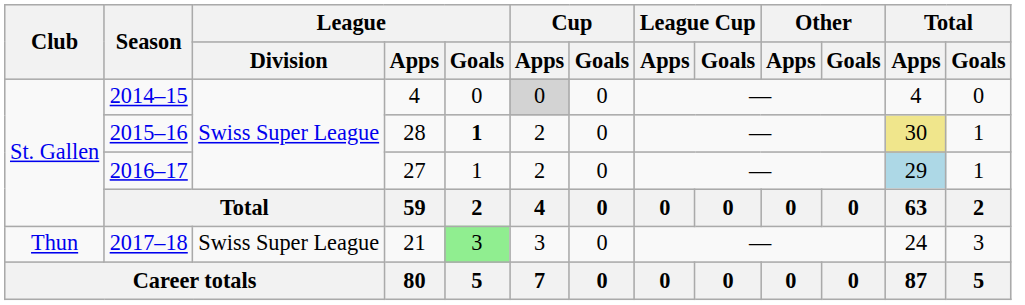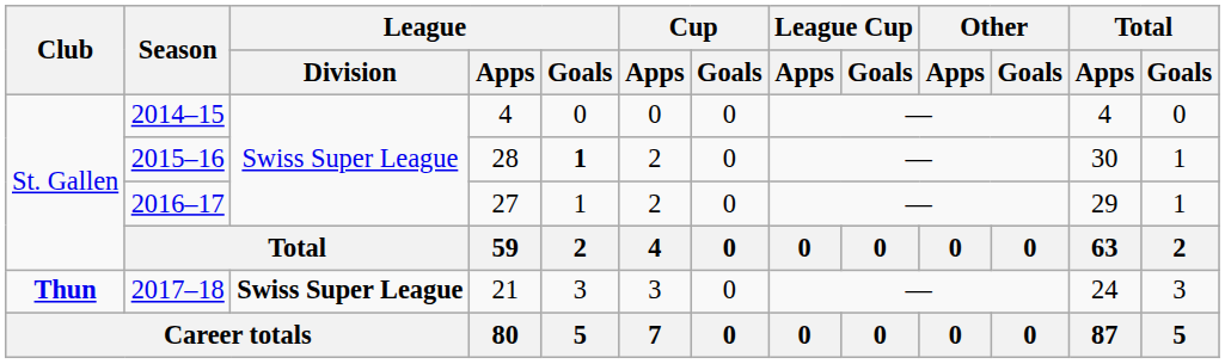 <table class="wikitable" style="font-size:90%; text-align: center">
 <tr>
 <th rowspan=2>Club</th>
 <th rowspan=2>Season</th>
 <th colspan=3>League</th>
 <th colspan=2>Cup</th>
 <th colspan=2>League Cup</th>
 <th colspan=2>Other</th>
 <th colspan=2>Total</th>
 </tr>
 <tr>
 <th>Division</th>
 <th>Apps</th>
 <th>Goals</th>
 <th>Apps</th>
 <th>Goals</th>
 <th>Apps</th>
 <th>Goals</th>
 <th>Apps</th>
 <th>Goals</th>
 <th>Apps</th>
 <th>Goals</th>
 </tr>
 <tr>
 <td rowspan=4><a href='#'>St. Gallen</a></td>
 <td><a href='#'>2014–15</a></td>
 <td rowspan=3><a href='#'>Swiss Super League</a></td>
 <td>4</td>
 <td>0</td>
-<td style="background: lightgrey;">0</td>
+<td>0</td>
 <td>0</td>
 <td colspan=4>—</td>
 <td>4</td>
 <td>0</td>
 </tr>
 <tr>
 <td><a href='#'>2015–16</a></td>
 <td>28</td>
 <td><strong>1</strong></td>
 <td>2</td>
 <td>0</td>
 <td colspan=4>—</td>
-<td style="background: khaki;">30</td>
+<td>30</td>
 <td>1</td>
 </tr>
 <tr>
 <td><a href='#'>2016–17</a></td>
 <td>27</td>
 <td>1</td>
 <td>2</td>
 <td>0</td>
 <td colspan=4>—</td>
-<td style="background: lightblue;">29</td>
+<td>29</td>
 <td>1</td>
 </tr>
 <tr>
 <th colspan=2>Total</th>
 <th>59</th>
 <th>2</th>
 <th>4</th>
 <th>0</th>
 <th>0</th>
 <th>0</th>
 <th>0</th>
 <th>0</th>
 <th>63</th>
 <th>2</th>
 </tr>
 <tr>
-<td><a href='#'>Thun</a></td>
+<td><strong><a href='#'>Thun</a></strong></td>
 <td><a href='#'>2017–18</a></td>
-<td>Swiss Super League</td>
+<td><strong>Swiss Super League</strong></td>
 <td>21</td>
-<td style="background: lightgreen;">3</td>
+<td>3</td>
 <td>3</td>
 <td>0</td>
 <td colspan=4>—</td>
 <td>24</td>
 <td>3</td>
 </tr>
 <tr>
 <th colspan=3>Career totals</th>
 <th>80</th>
 <th>5</th>
 <th>7</th>
 <th>0</th>
 <th>0</th>
 <th>0</th>
 <th>0</th>
 <th>0</th>
 <th>87</th>
 <th>5</th>
 </tr>
 </table>
